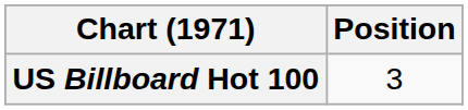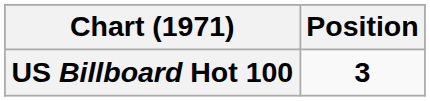 <table class="wikitable plainrowheaders" style="text-align:center">
 <tr>
 <th>Chart (1971)</th>
 <th>Position</th>
 </tr>
 <tr>
 <th scope="row">US <em>Billboard</em> Hot 100</th>
-<td>3</td>
+<td><strong>3</strong></td>
 </tr>
 </table>
